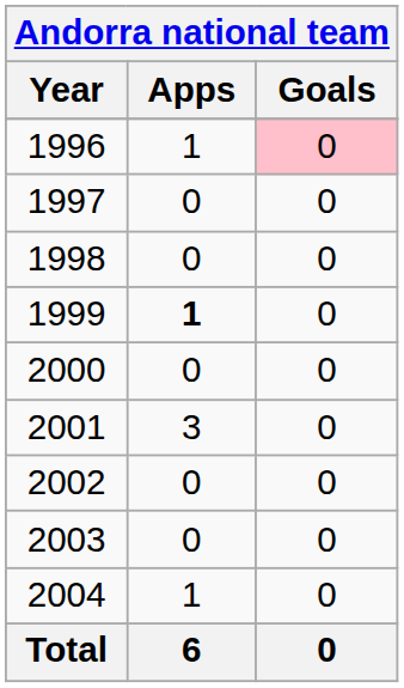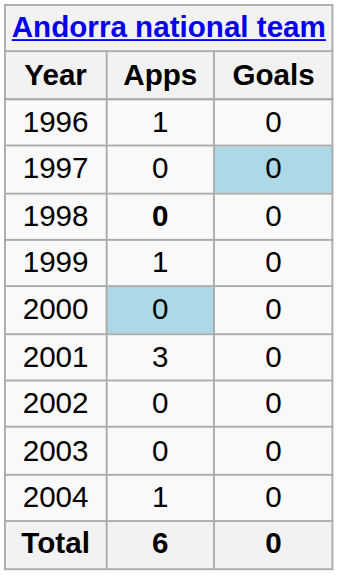 <table class="wikitable" style="text-align:center">
 <tr>
 <th colspan=3><a href='#'>Andorra national team</a></th>
 </tr>
 <tr>
 <th>Year</th>
 <th>Apps</th>
 <th>Goals</th>
 </tr>
 <tr>
 </tr>
 <tr>
 <td>1996</td>
 <td>1</td>
-<td style="background: pink;">0</td>
+<td>0</td>
 </tr>
 <tr>
 <td>1997</td>
 <td>0</td>
-<td>0</td>
+<td style="background: lightblue;">0</td>
 </tr>
 <tr>
 <td>1998</td>
-<td>0</td>
+<td><strong>0</strong></td>
 <td>0</td>
 </tr>
 <tr>
 <td>1999</td>
-<td><strong>1</strong></td>
+<td>1</td>
 <td>0</td>
 </tr>
 <tr>
 <td>2000</td>
-<td>0</td>
+<td style="background: lightblue;">0</td>
 <td>0</td>
 </tr>
 <tr>
 <td>2001</td>
 <td>3</td>
 <td>0</td>
 </tr>
 <tr>
 <td>2002</td>
 <td>0</td>
 <td>0</td>
 </tr>
 <tr>
 <td>2003</td>
 <td>0</td>
 <td>0</td>
 </tr>
 <tr>
 <td>2004</td>
 <td>1</td>
 <td>0</td>
 </tr>
 <tr>
 <th>Total</th>
 <th>6</th>
 <th>0</th>
 </tr>
 </table>
